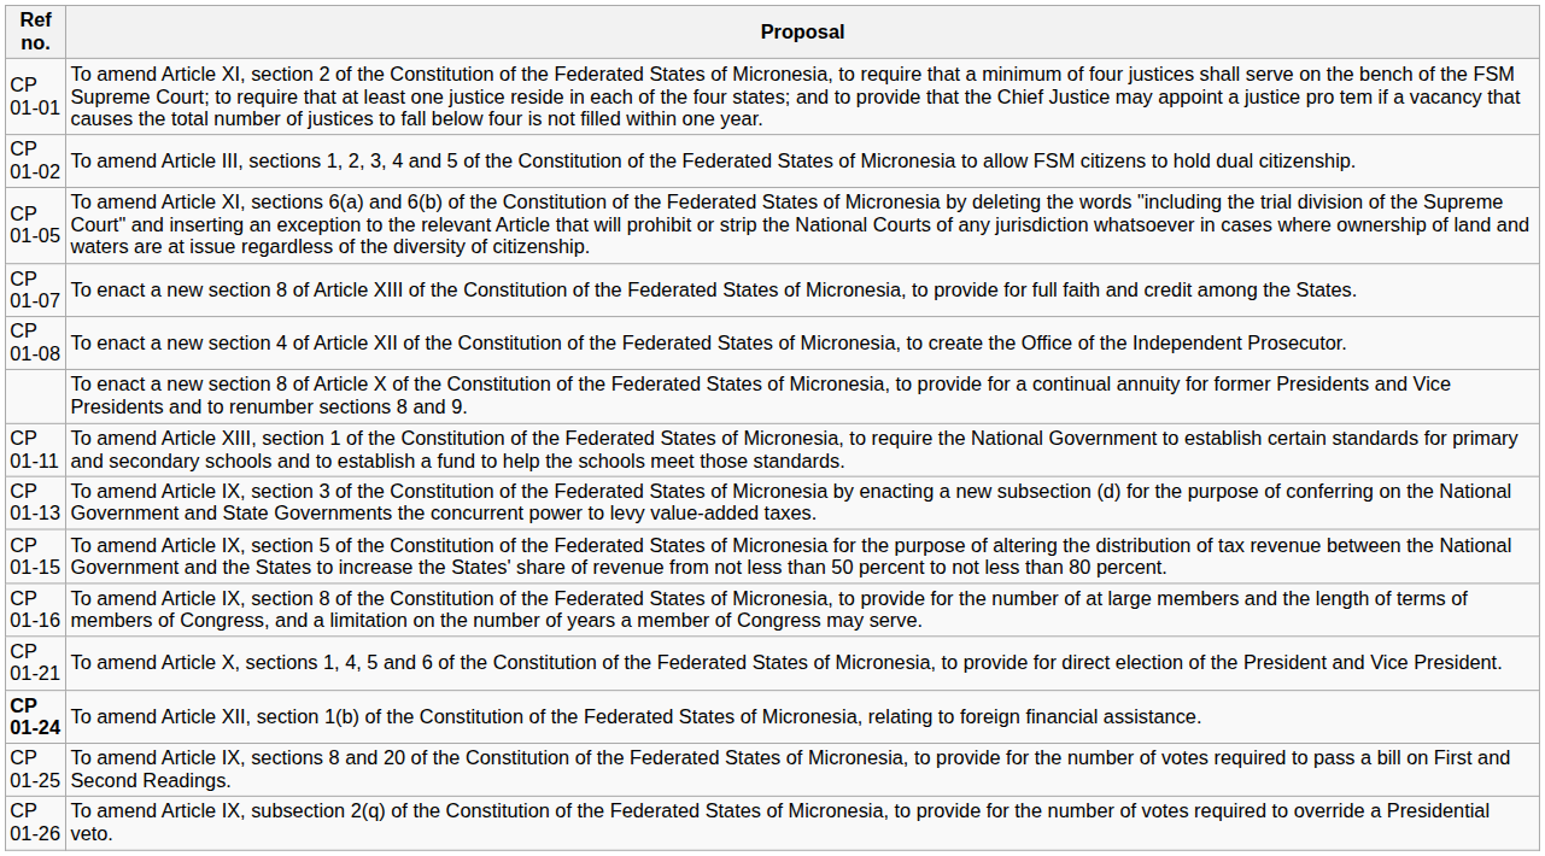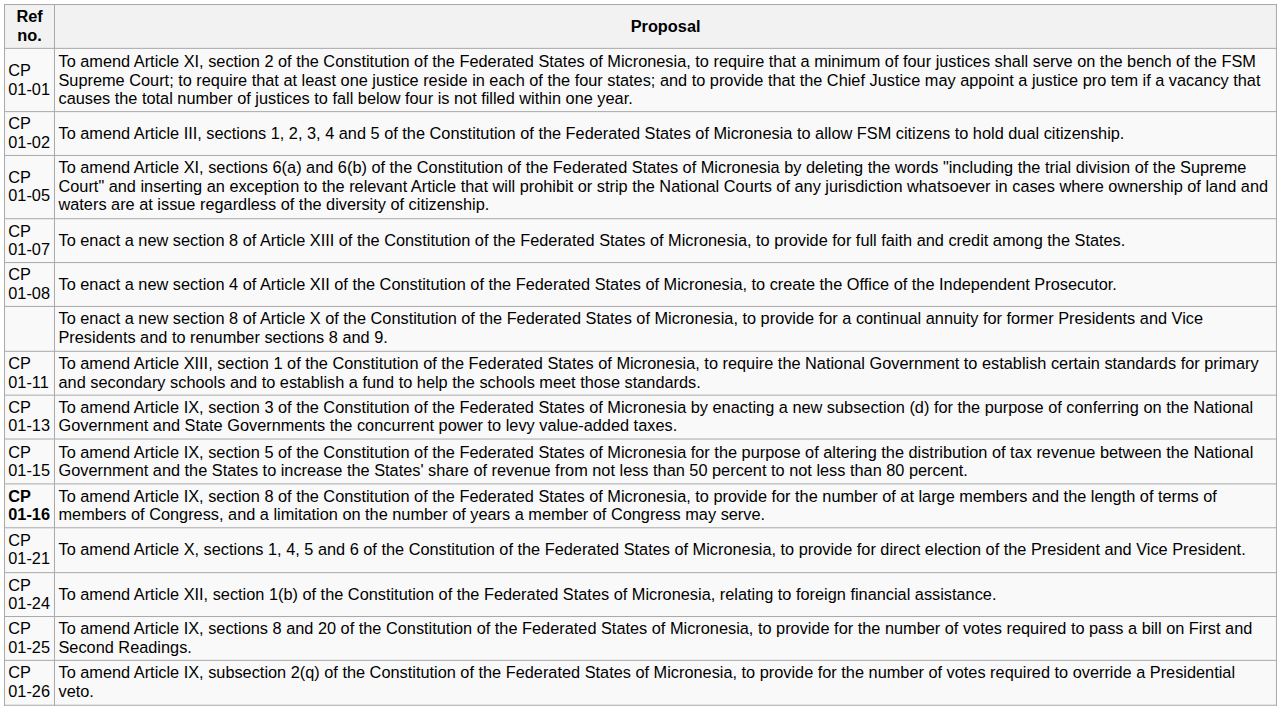 <table class=wikitable>
 <tr>
 <th>Ref no.</th>
 <th>Proposal</th>
 </tr>
 <tr>
 <td>CP 01-01</td>
 <td>To amend Article XI, section 2 of the Constitution of the Federated States of Micronesia, to require that a minimum of four justices shall serve on the bench of the FSM Supreme Court; to require that at least one justice reside in each of the four states; and to provide that the Chief Justice may appoint a justice pro tem if a vacancy that causes the total number of justices to fall below four is not filled within one year.</td>
 </tr>
 <tr>
 <td>CP 01-02</td>
 <td>To amend Article III, sections 1, 2, 3, 4 and 5 of the Constitution of the Federated States of Micronesia to allow FSM citizens to hold dual citizenship.</td>
 </tr>
 <tr>
 <td>CP 01-05</td>
 <td>To amend Article XI, sections 6(a) and 6(b) of the Constitution of the Federated States of Micronesia by deleting the words "including the trial division of the Supreme Court" and inserting an exception to the relevant Article that will prohibit or strip the National Courts of any jurisdiction whatsoever in cases where ownership of land and waters are at issue regardless of the diversity of citizenship.</td>
 </tr>
 <tr>
 <td>CP 01-07</td>
 <td>To enact a new section 8 of Article XIII of the Constitution of the Federated States of Micronesia, to provide for full faith and credit among the States.</td>
 </tr>
 <tr>
 <td>CP 01-08</td>
 <td>To enact a new section 4 of Article XII of the Constitution of the Federated States of Micronesia, to create the Office of the Independent Prosecutor.</td>
 </tr>
 <tr>
 <td></td>
 <td>To enact a new section 8 of Article X of the Constitution of the Federated States of Micronesia, to provide for a continual annuity for former Presidents and Vice Presidents and to renumber sections 8 and 9.</td>
 </tr>
 <tr>
 <td>CP 01-11</td>
 <td>To amend Article XIII, section 1 of the Constitution of the Federated States of Micronesia, to require the National Government to establish certain standards for primary and secondary schools and to establish a fund to help the schools meet those standards.</td>
 </tr>
 <tr>
 <td>CP 01-13</td>
 <td>To amend Article IX, section 3 of the Constitution of the Federated States of Micronesia by enacting a new subsection (d) for the purpose of conferring on the National Government and State Governments the concurrent power to levy value-added taxes.</td>
 </tr>
 <tr>
 <td>CP 01-15</td>
 <td>To amend Article IX, section 5 of the Constitution of the Federated States of Micronesia for the purpose of altering the distribution of tax revenue between the National Government and the States to increase the States' share of revenue from not less than 50 percent to not less than 80 percent.</td>
 </tr>
 <tr>
-<td>CP 01-16</td>
+<td><strong>CP 01-16</strong></td>
 <td>To amend Article IX, section 8 of the Constitution of the Federated States of Micronesia, to provide for the number of at large members and the length of terms of members of Congress, and a limitation on the number of years a member of Congress may serve.</td>
 </tr>
 <tr>
 <td>CP 01-21</td>
 <td>To amend Article X, sections 1, 4, 5 and 6 of the Constitution of the Federated States of Micronesia, to provide for direct election of the President and Vice President.</td>
 </tr>
 <tr>
-<td><strong>CP 01-24</strong></td>
+<td>CP 01-24</td>
 <td>To amend Article XII, section 1(b) of the Constitution of the Federated States of Micronesia, relating to foreign financial assistance.</td>
 </tr>
 <tr>
 <td>CP 01-25</td>
 <td>To amend Article IX, sections 8 and 20 of the Constitution of the Federated States of Micronesia, to provide for the number of votes required to pass a bill on First and Second Readings.</td>
 </tr>
 <tr>
 <td>CP 01-26</td>
 <td>To amend Article IX, subsection 2(q) of the Constitution of the Federated States of Micronesia, to provide for the number of votes required to override a Presidential veto.</td>
 </tr>
 </table>
